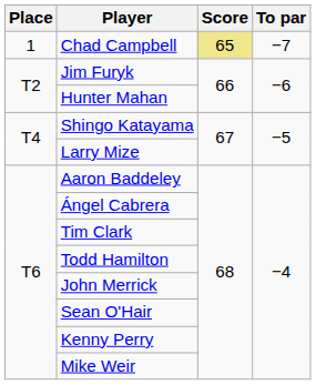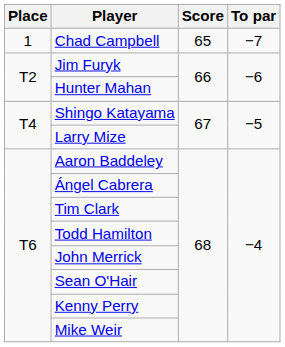 <table class="wikitable">
 <tr>
 <th>Place</th>
 <th>Player</th>
 <th>Score</th>
 <th>To par</th>
 </tr>
 <tr>
 <td rowspan="1" align=center>1</td>
 <td> <a href='#'>Chad Campbell</a></td>
-<td rowspan="1" align=center style="background: khaki;">65</td>
+<td rowspan="1" align=center>65</td>
 <td rowspan="1" align=center>−7</td>
 </tr>
 <tr>
 <td rowspan="2" align=center>T2</td>
 <td> <a href='#'>Jim Furyk</a></td>
 <td rowspan="2" align=center>66</td>
 <td rowspan="2" align=center>−6</td>
 </tr>
 <tr>
 <td> <a href='#'>Hunter Mahan</a></td>
 </tr>
 <tr>
 <td rowspan="2" align=center>T4</td>
 <td> <a href='#'>Shingo Katayama</a></td>
 <td rowspan="2" align=center>67</td>
 <td rowspan="2" align=center>−5</td>
 </tr>
 <tr>
 <td> <a href='#'>Larry Mize</a></td>
 </tr>
 <tr>
 <td rowspan="8" align=center>T6</td>
 <td> <a href='#'>Aaron Baddeley</a></td>
 <td rowspan="8" align=center>68</td>
 <td rowspan="8" align=center>−4</td>
 </tr>
 <tr>
 <td> <a href='#'>Ángel Cabrera</a></td>
 </tr>
 <tr>
 <td> <a href='#'>Tim Clark</a></td>
 </tr>
 <tr>
 <td> <a href='#'>Todd Hamilton</a></td>
 </tr>
 <tr>
 <td> <a href='#'>John Merrick</a></td>
 </tr>
 <tr>
 <td> <a href='#'>Sean O'Hair</a></td>
 </tr>
 <tr>
 <td> <a href='#'>Kenny Perry</a></td>
 </tr>
 <tr>
 <td> <a href='#'>Mike Weir</a></td>
 </tr>
 </table>
